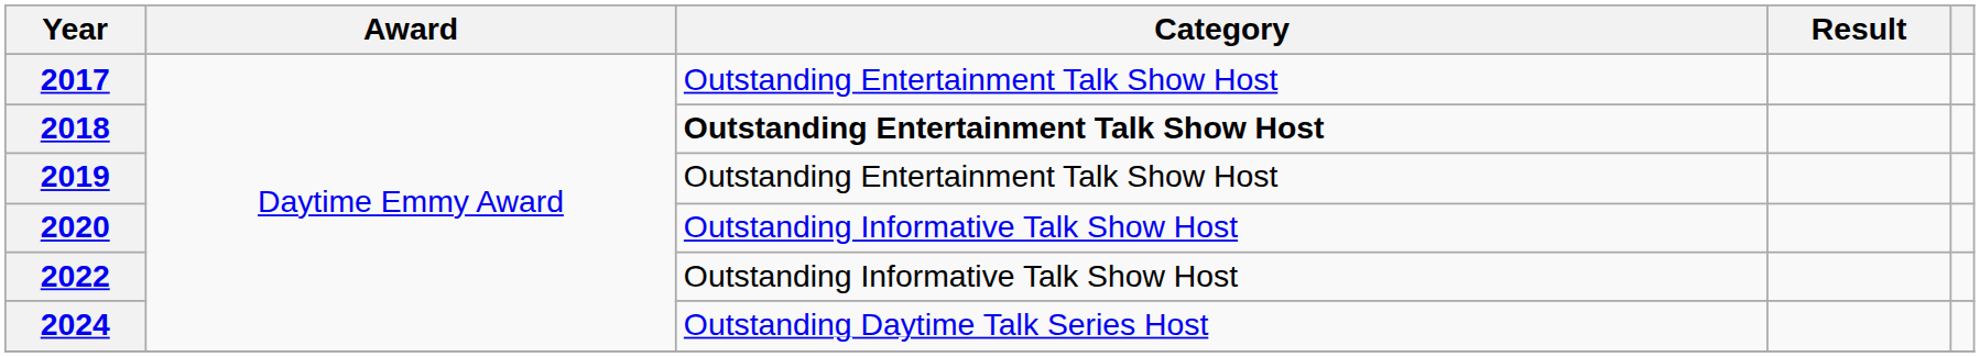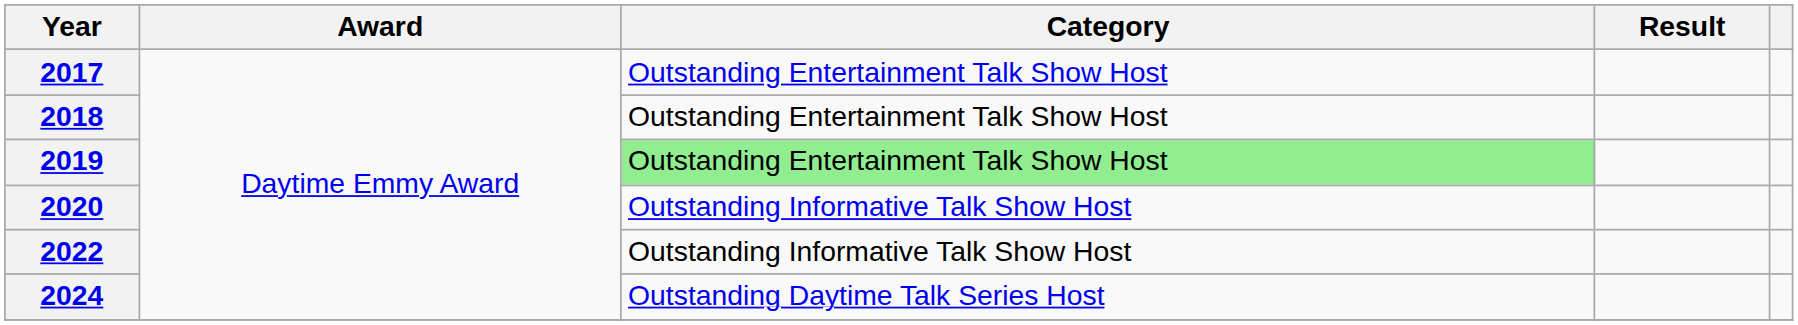 <table class="wikitable plainrowheaders" style="width:80%;">
 <tr>
 <th>Year</th>
 <th style="width:27%;" scope="col">Award</th>
 <th>Category</th>
 <th>Result</th>
 <th></th>
 </tr>
 <tr>
 <th scope="row"><a href='#'>2017</a></th>
 <td style="text-align:center;" rowspan="6"><a href='#'>Daytime Emmy Award</a></td>
 <td><a href='#'>Outstanding Entertainment Talk Show Host</a><br></td>
 <td></td>
 <td style="text-align:center;"></td>
 </tr>
 <tr>
 <th scope="row"><a href='#'>2018</a></th>
-<td><strong>Outstanding Entertainment Talk Show Host<br></strong></td>
+<td>Outstanding Entertainment Talk Show Host<br></td>
 <td></td>
 <td style="text-align:center;"></td>
 </tr>
 <tr>
 <th scope="row"><a href='#'>2019</a></th>
-<td>Outstanding Entertainment Talk Show Host<br></td>
+<td style="background: lightgreen;">Outstanding Entertainment Talk Show Host<br></td>
 <td></td>
 <td style="text-align:center;"></td>
 </tr>
 <tr>
 <th scope="row"><a href='#'>2020</a></th>
 <td><a href='#'>Outstanding Informative Talk Show Host</a><br></td>
 <td></td>
 <td style="text-align:center;"></td>
 </tr>
 <tr>
 <th scope="row"><a href='#'>2022</a></th>
 <td>Outstanding Informative Talk Show Host<br></td>
 <td></td>
 <td style="text-align:center;"></td>
 </tr>
 <tr>
 <th scope="row"><a href='#'>2024</a></th>
 <td><a href='#'>Outstanding Daytime Talk Series Host</a><br></td>
 <td></td>
 <td style="text-align:center;"></td>
 </tr>
 <tr>
 </tr>
 </table>
